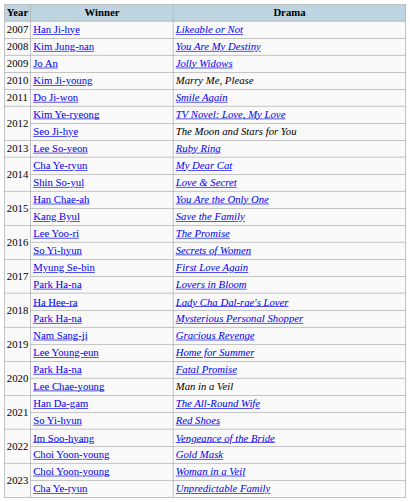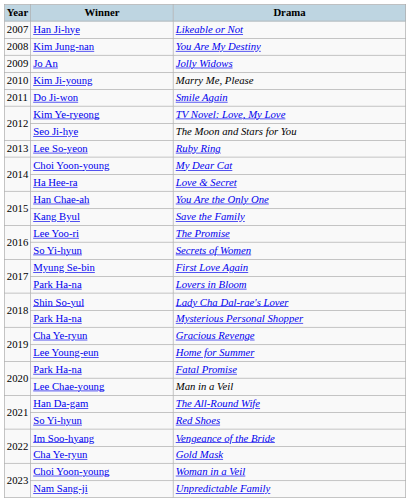 <table class="wikitable" style="width:600px">
 <tr>
 <th style="background:#BED5E1;" width="30">Year</th>
 <th style="background:#BED5E1;">Winner</th>
 <th style="background:#BED5E1;">Drama</th>
 </tr>
 <tr>
 <td>2007</td>
 <td><a href='#'>Han Ji-hye</a></td>
 <td><em><a href='#'>Likeable or Not</a></em></td>
 </tr>
 <tr>
 <td>2008</td>
 <td><a href='#'>Kim Jung-nan</a></td>
 <td><em><a href='#'>You Are My Destiny</a></em></td>
 </tr>
 <tr>
 <td>2009</td>
 <td><a href='#'>Jo An</a></td>
 <td><em><a href='#'>Jolly Widows</a></em></td>
 </tr>
 <tr>
 <td>2010</td>
 <td><a href='#'>Kim Ji-young</a></td>
 <td><em>Marry Me, Please</em></td>
 </tr>
 <tr>
 <td>2011</td>
 <td><a href='#'>Do Ji-won</a></td>
 <td><em><a href='#'>Smile Again</a></em></td>
 </tr>
 <tr>
 <td rowspan="2">2012</td>
 <td><a href='#'>Kim Ye-ryeong</a></td>
 <td><em><a href='#'>TV Novel: Love, My Love</a></em></td>
 </tr>
 <tr>
 <td><a href='#'>Seo Ji-hye</a></td>
 <td><em>The Moon and Stars for You</em></td>
 </tr>
 <tr>
 <td>2013</td>
 <td><a href='#'>Lee So-yeon</a></td>
 <td><em><a href='#'>Ruby Ring</a></em></td>
 </tr>
 <tr>
 <td rowspan="2">2014</td>
-<td><a href='#'>Cha Ye-ryun</a></td>
+<td><a href='#'>Choi Yoon-young</a></td>
 <td><em><a href='#'>My Dear Cat</a></em></td>
 </tr>
 <tr>
-<td><a href='#'>Shin So-yul</a></td>
+<td><a href='#'>Ha Hee-ra</a></td>
 <td><em><a href='#'>Love & Secret</a></em></td>
 </tr>
 <tr>
 <td rowspan="2">2015</td>
 <td><a href='#'>Han Chae-ah</a></td>
 <td><em><a href='#'>You Are the Only One</a></em></td>
 </tr>
 <tr>
 <td><a href='#'>Kang Byul</a></td>
 <td><em><a href='#'>Save the Family</a></em></td>
 </tr>
 <tr>
 <td rowspan="2">2016</td>
 <td><a href='#'>Lee Yoo-ri</a></td>
 <td><em><a href='#'>The Promise</a></em></td>
 </tr>
 <tr>
 <td><a href='#'>So Yi-hyun</a></td>
 <td><em><a href='#'>Secrets of Women</a></em></td>
 </tr>
 <tr>
 <td rowspan="2">2017</td>
 <td><a href='#'>Myung Se-bin</a></td>
 <td><em><a href='#'>First Love Again</a></em></td>
 </tr>
 <tr>
 <td><a href='#'>Park Ha-na</a></td>
 <td><em><a href='#'>Lovers in Bloom</a></em></td>
 </tr>
 <tr>
 <td rowspan="2">2018</td>
-<td><a href='#'>Ha Hee-ra</a></td>
+<td><a href='#'>Shin So-yul</a></td>
 <td><em><a href='#'>Lady Cha Dal-rae's Lover</a></em></td>
 </tr>
 <tr>
 <td><a href='#'>Park Ha-na</a></td>
 <td><em><a href='#'>Mysterious Personal Shopper</a></em></td>
 </tr>
 <tr>
 <td rowspan="2">2019</td>
-<td><a href='#'>Nam Sang-ji</a></td>
+<td><a href='#'>Cha Ye-ryun</a></td>
 <td><em><a href='#'>Gracious Revenge</a></em></td>
 </tr>
 <tr>
 <td><a href='#'>Lee Young-eun</a></td>
 <td><em><a href='#'>Home for Summer</a></em></td>
 </tr>
 <tr>
 <td rowspan="2">2020</td>
 <td><a href='#'>Park Ha-na</a></td>
 <td><em><a href='#'>Fatal Promise</a></em></td>
 </tr>
 <tr>
 <td><a href='#'>Lee Chae-young</a></td>
 <td><em>Man in a Veil</em></td>
 </tr>
 <tr>
 <td rowspan="2">2021</td>
 <td><a href='#'>Han Da-gam</a></td>
 <td><em><a href='#'>The All-Round Wife</a></em></td>
 </tr>
 <tr>
 <td><a href='#'>So Yi-hyun</a></td>
 <td><em><a href='#'>Red Shoes</a></em></td>
 </tr>
 <tr>
 <td rowspan="2">2022</td>
 <td><a href='#'>Im Soo-hyang</a></td>
 <td><em><a href='#'>Vengeance of the Bride</a></em></td>
 </tr>
 <tr>
-<td><a href='#'>Choi Yoon-young</a></td>
+<td><a href='#'>Cha Ye-ryun</a></td>
 <td><em><a href='#'>Gold Mask</a></em></td>
 </tr>
 <tr>
 <td rowspan="2">2023</td>
 <td><a href='#'>Choi Yoon-young</a></td>
 <td><em><a href='#'>Woman in a Veil</a></em></td>
 </tr>
 <tr>
-<td><a href='#'>Cha Ye-ryun</a></td>
+<td><a href='#'>Nam Sang-ji</a></td>
 <td><em><a href='#'>Unpredictable Family</a></em></td>
 </tr>
 </table>
